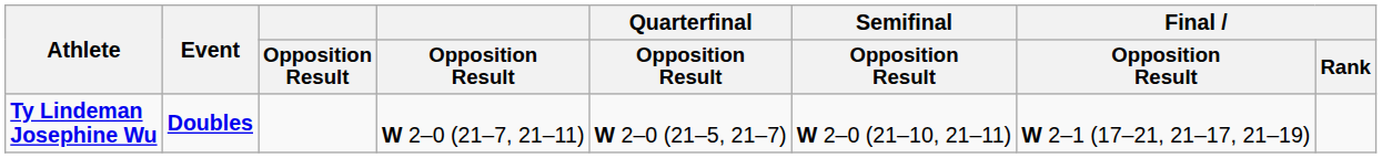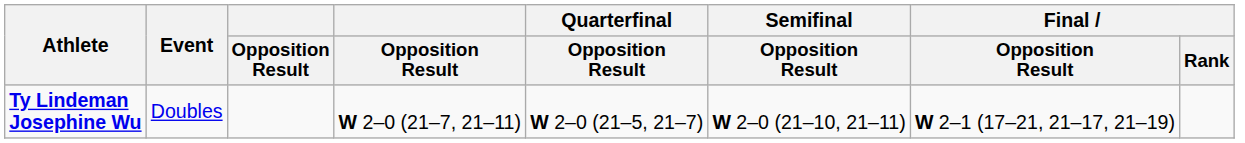 <table class=wikitable style=font-size:90%;text-align:center>
 <tr>
 <th rowspan=2>Athlete</th>
 <th rowspan=2>Event</th>
 <th></th>
 <th></th>
 <th>Quarterfinal</th>
 <th>Semifinal</th>
 <th colspan=2>Final / </th>
 </tr>
 <tr style=font-size:95%>
 <th>Opposition<br>Result</th>
 <th>Opposition<br>Result</th>
 <th>Opposition<br>Result</th>
 <th>Opposition<br>Result</th>
 <th>Opposition<br>Result</th>
 <th>Rank</th>
 </tr>
 <tr>
 <td align=left><strong><a href='#'>Ty Lindeman</a><br><a href='#'>Josephine Wu</a></strong></td>
-<td align=left><strong><a href='#'>Doubles</a></strong></td>
+<td align=left><a href='#'>Doubles</a></td>
 <td></td>
 <td><br><strong>W</strong> 2–0 (21–7, 21–11)</td>
 <td><br><strong>W</strong> 2–0 (21–5, 21–7)</td>
 <td><br><strong>W</strong> 2–0 (21–10, 21–11)</td>
 <td><br><strong>W</strong> 2–1 (17–21, 21–17, 21–19)</td>
 <td></td>
 </tr>
 </table>
